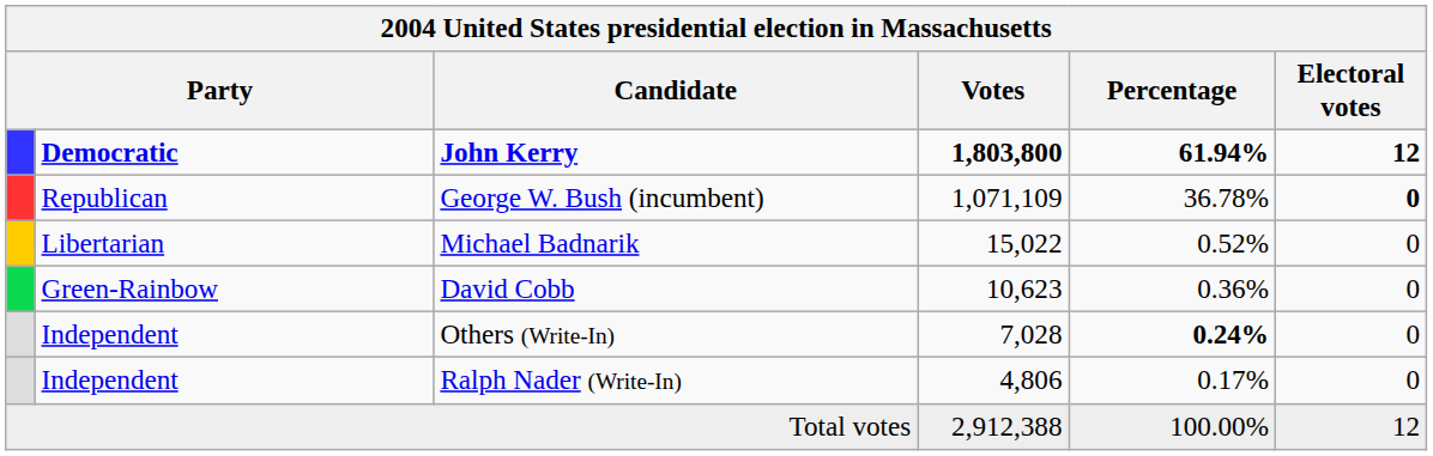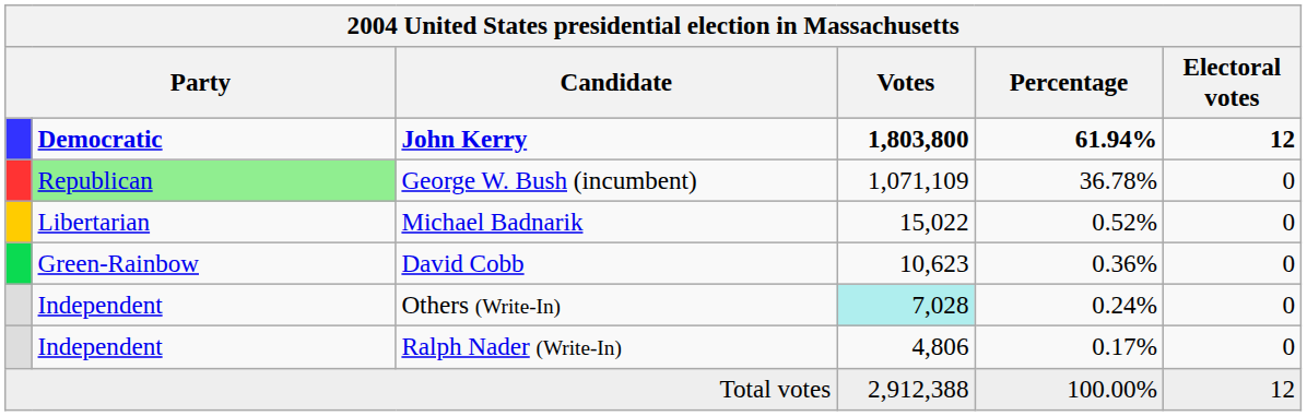 <table class="wikitable" style="font-size: 95%;">
 <tr>
 <th colspan="6">2004 United States presidential election in Massachusetts</th>
 </tr>
 <tr>
 <th colspan="2" style="width: 15em">Party</th>
 <th style="width: 17em">Candidate</th>
 <th style="width: 5em">Votes</th>
 <th style="width: 7em">Percentage</th>
 <th style="width: 5em">Electoral votes</th>
 </tr>
 <tr>
 <th style="background:#33f; width:3px;"></th>
 <td style="width: 130px"><strong><a href='#'>Democratic</a></strong></td>
 <td><strong><a href='#'>John Kerry</a></strong></td>
 <td style="text-align:right;"><strong>1,803,800</strong></td>
 <td style="text-align:right;"><strong>61.94%</strong></td>
 <td style="text-align:right;"><strong>12</strong></td>
 </tr>
 <tr>
 <th style="background:#f33; width:3px;"></th>
-<td style="width: 130px"><a href='#'>Republican</a></td>
+<td style="background: lightgreen; width: 130px"><a href='#'>Republican</a></td>
 <td><a href='#'>George W. Bush</a> (incumbent)</td>
 <td style="text-align:right;">1,071,109</td>
 <td style="text-align:right;">36.78%</td>
-<td style="text-align:right;"><strong>0</strong></td>
+<td style="text-align:right;">0</td>
 </tr>
 <tr>
 <th style="background:#fc0; width:3px;"></th>
 <td style="width: 130px"><a href='#'>Libertarian</a></td>
 <td><a href='#'>Michael Badnarik</a></td>
 <td style="text-align:right;">15,022</td>
 <td style="text-align:right;">0.52%</td>
 <td style="text-align:right;">0</td>
 </tr>
 <tr>
 <th style="background:#0bda51; width:3px;"></th>
 <td style="width: 130px"><a href='#'>Green-Rainbow</a></td>
 <td><a href='#'>David Cobb</a></td>
 <td style="text-align:right;">10,623</td>
 <td style="text-align:right;">0.36%</td>
 <td style="text-align:right;">0</td>
 </tr>
 <tr>
 <th style="background:#ddd; width:3px;"></th>
 <td style="width: 130px"><a href='#'>Independent</a></td>
 <td>Others <small>(Write-In)</small></td>
-<td style="text-align:right;">7,028</td>
-<td style="text-align:right;"><strong>0.24%</strong></td>
+<td style="background: paleturquoise; text-align:right;">7,028</td>
+<td style="text-align:right;">0.24%</td>
 <td style="text-align:right;">0</td>
 </tr>
 <tr>
 <th style="background:#ddd; width:3px;"></th>
 <td style="width: 130px"><a href='#'>Independent</a></td>
 <td><a href='#'>Ralph Nader</a> <small>(Write-In)</small></td>
 <td style="text-align:right;">4,806</td>
 <td style="text-align:right;">0.17%</td>
 <td style="text-align:right;">0</td>
 </tr>
 <tr style="background:#eee; text-align:right;">
 <td colspan="3">Total votes</td>
 <td>2,912,388</td>
 <td>100.00%</td>
 <td>12</td>
 </tr>
 </table>
